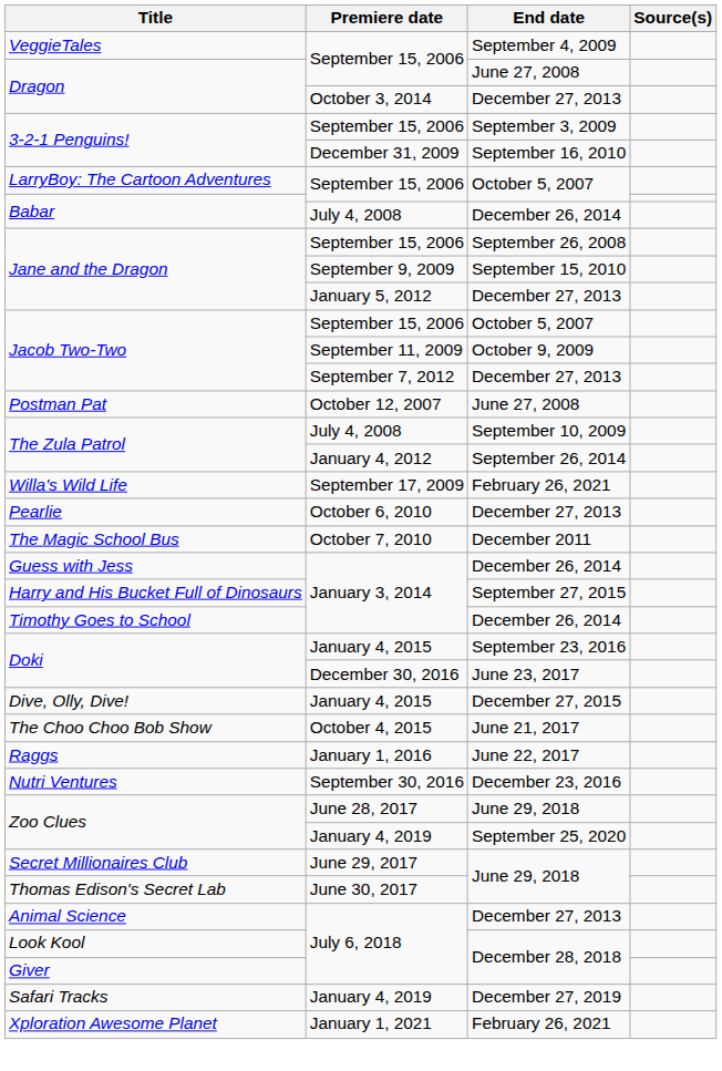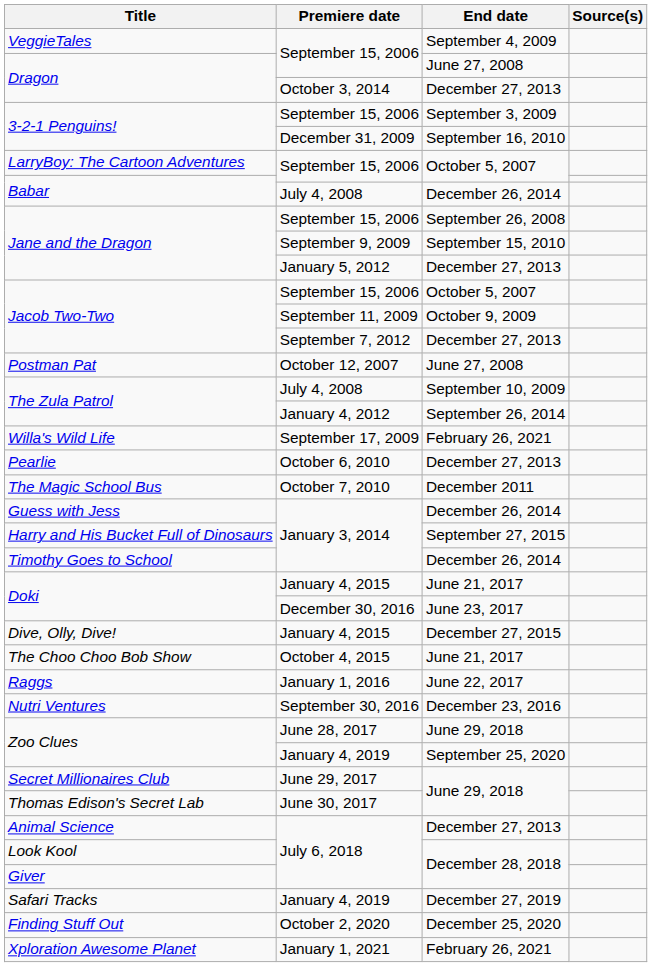 <table class="wikitable sortable">
 <tr>
 <th>Title</th>
 <th>Premiere date</th>
 <th>End date</th>
 <th>Source(s)</th>
 </tr>
 <tr>
 <td><em><a href='#'>VeggieTales</a></em></td>
 <td rowspan=2>September 15, 2006</td>
 <td>September 4, 2009</td>
 <td></td>
 </tr>
 <tr>
 <td rowspan=2><em><a href='#'>Dragon</a></em></td>
 <td>June 27, 2008</td>
 <td></td>
 </tr>
 <tr>
 <td>October 3, 2014</td>
 <td>December 27, 2013</td>
 <td></td>
 </tr>
 <tr>
 <td rowspan=2><em><a href='#'>3-2-1 Penguins!</a></em></td>
 <td>September 15, 2006</td>
 <td>September 3, 2009</td>
 <td></td>
 </tr>
 <tr>
 <td>December 31, 2009</td>
 <td>September 16, 2010</td>
 <td></td>
 </tr>
 <tr>
 <td><em><a href='#'>LarryBoy: The Cartoon Adventures</a></em></td>
 <td rowspan=2>September 15, 2006</td>
 <td rowspan=2>October 5, 2007</td>
 <td></td>
 </tr>
 <tr>
 <td rowspan=2><em><a href='#'>Babar</a></em></td>
 <td></td>
 </tr>
 <tr>
 <td>July 4, 2008</td>
 <td>December 26, 2014</td>
 <td></td>
 </tr>
 <tr>
 <td rowspan=3><em><a href='#'>Jane and the Dragon</a></em></td>
 <td>September 15, 2006</td>
 <td>September 26, 2008</td>
 <td></td>
 </tr>
 <tr>
 <td>September 9, 2009</td>
 <td>September 15, 2010</td>
 <td></td>
 </tr>
 <tr>
 <td>January 5, 2012</td>
 <td>December 27, 2013</td>
 <td></td>
 </tr>
 <tr>
 <td rowspan=3><em><a href='#'>Jacob Two-Two</a></em></td>
 <td>September 15, 2006</td>
 <td>October 5, 2007</td>
 <td></td>
 </tr>
 <tr>
 <td>September 11, 2009</td>
 <td>October 9, 2009</td>
 <td></td>
 </tr>
 <tr>
 <td>September 7, 2012</td>
 <td>December 27, 2013</td>
 <td></td>
 </tr>
 <tr>
 <td><em><a href='#'>Postman Pat</a></em></td>
 <td>October 12, 2007</td>
 <td>June 27, 2008</td>
 <td></td>
 </tr>
 <tr>
 <td rowspan=2><em><a href='#'>The Zula Patrol</a></em></td>
 <td>July 4, 2008</td>
 <td>September 10, 2009</td>
 <td></td>
 </tr>
 <tr>
 <td>January 4, 2012</td>
 <td>September 26, 2014</td>
 <td></td>
 </tr>
 <tr>
 <td><em><a href='#'>Willa's Wild Life</a></em></td>
 <td>September 17, 2009</td>
 <td>February 26, 2021</td>
 <td></td>
 </tr>
 <tr>
 <td><em><a href='#'>Pearlie</a></em></td>
 <td>October 6, 2010</td>
 <td>December 27, 2013</td>
 <td></td>
 </tr>
 <tr>
 <td><em><a href='#'>The Magic School Bus</a></em></td>
 <td>October 7, 2010</td>
 <td>December 2011</td>
 <td></td>
 </tr>
 <tr>
 <td><em><a href='#'>Guess with Jess</a></em></td>
 <td rowspan=3>January 3, 2014</td>
 <td>December 26, 2014</td>
 <td></td>
 </tr>
 <tr>
 <td><em><a href='#'>Harry and His Bucket Full of Dinosaurs</a></em></td>
 <td>September 27, 2015</td>
 <td></td>
 </tr>
 <tr>
 <td><em><a href='#'>Timothy Goes to School</a></em></td>
 <td>December 26, 2014</td>
 <td></td>
 </tr>
 <tr>
 <td rowspan=2><em><a href='#'>Doki</a></em></td>
 <td>January 4, 2015</td>
-<td>September 23, 2016</td>
+<td>June 21, 2017</td>
 <td></td>
 </tr>
 <tr>
 <td>December 30, 2016</td>
 <td>June 23, 2017</td>
 <td></td>
 </tr>
 <tr>
 <td><em>Dive, Olly, Dive!</em></td>
 <td>January 4, 2015</td>
 <td>December 27, 2015</td>
 <td></td>
 </tr>
 <tr>
 <td><em>The Choo Choo Bob Show</em></td>
 <td>October 4, 2015</td>
 <td>June 21, 2017</td>
 <td></td>
 </tr>
 <tr>
 <td><em><a href='#'>Raggs</a></em></td>
 <td>January 1, 2016</td>
 <td>June 22, 2017</td>
 <td></td>
 </tr>
 <tr>
 <td><em><a href='#'>Nutri Ventures</a></em></td>
 <td>September 30, 2016</td>
 <td>December 23, 2016</td>
 <td></td>
 </tr>
 <tr>
 <td rowspan=2><em>Zoo Clues</em></td>
 <td>June 28, 2017</td>
 <td>June 29, 2018</td>
 <td></td>
 </tr>
 <tr>
 <td>January 4, 2019</td>
 <td>September 25, 2020</td>
 <td></td>
 </tr>
 <tr>
 <td><em><a href='#'>Secret Millionaires Club</a></em></td>
 <td>June 29, 2017</td>
 <td rowspan=2>June 29, 2018</td>
 <td></td>
 </tr>
 <tr>
 <td><em>Thomas Edison's Secret Lab</em></td>
 <td>June 30, 2017</td>
 <td></td>
 </tr>
 <tr>
 <td><em><a href='#'>Animal Science</a></em></td>
 <td rowspan=3>July 6, 2018</td>
 <td>December 27, 2013</td>
 <td></td>
 </tr>
 <tr>
 <td><em>Look Kool</em></td>
 <td rowspan=2>December 28, 2018</td>
 <td></td>
 </tr>
 <tr>
 <td><em><a href='#'>Giver</a></em></td>
 <td></td>
 </tr>
 <tr>
 <td><em>Safari Tracks</em></td>
 <td>January 4, 2019</td>
 <td>December 27, 2019</td>
 <td></td>
 </tr>
 <tr>
+<td><em><a href='#'>Finding Stuff Out</a></em></td>
+<td>October 2, 2020</td>
+<td>December 25, 2020</td>
+<td></td>
+</tr>
+<tr>
 <td><em><a href='#'>Xploration Awesome Planet</a></em></td>
 <td>January 1, 2021</td>
 <td>February 26, 2021</td>
 <td></td>
 </tr>
 </table>
